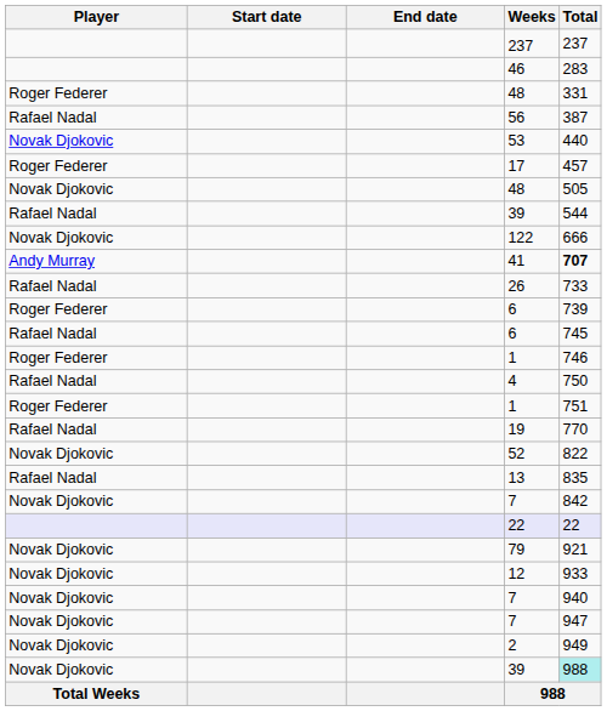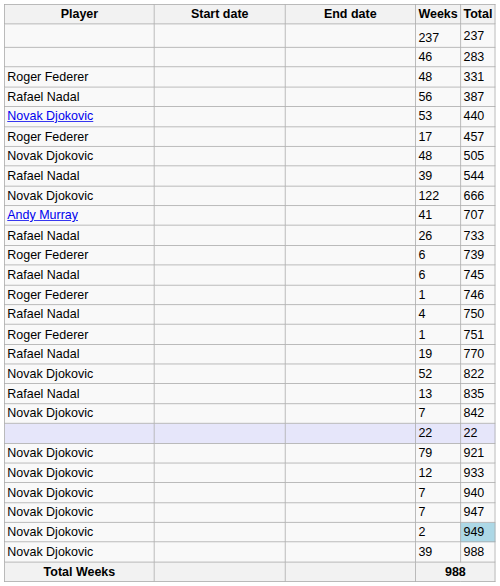 <table class="sortable wikitable">
 <tr>
 <th width=185>Player</th>
 <th width=160>Start date</th>
 <th width=160>End date</th>
 <th>Weeks</th>
 <th>Total</th>
 </tr>
 <tr>
 <td> </td>
 <td></td>
 <td></td>
 <td>237<strong><sup></sup></strong></td>
 <td>237</td>
 </tr>
 <tr>
 <td> </td>
 <td></td>
 <td></td>
 <td>46</td>
 <td>283</td>
 </tr>
 <tr>
 <td> Roger Federer </td>
 <td></td>
 <td></td>
 <td>48</td>
 <td>331</td>
 </tr>
 <tr>
 <td> Rafael Nadal </td>
 <td></td>
 <td></td>
 <td>56</td>
 <td>387</td>
 </tr>
 <tr>
 <td> <a href='#'>Novak Djokovic</a></td>
 <td></td>
 <td></td>
 <td>53</td>
 <td>440</td>
 </tr>
 <tr>
 <td> Roger Federer </td>
 <td></td>
 <td></td>
 <td>17</td>
 <td>457</td>
 </tr>
 <tr>
 <td> Novak Djokovic </td>
 <td></td>
 <td></td>
 <td>48</td>
 <td>505</td>
 </tr>
 <tr>
 <td> Rafael Nadal </td>
 <td></td>
 <td></td>
 <td>39</td>
 <td>544</td>
 </tr>
 <tr>
 <td> Novak Djokovic </td>
 <td></td>
 <td></td>
 <td>122</td>
 <td>666</td>
 </tr>
 <tr>
 <td> <a href='#'>Andy Murray</a></td>
 <td></td>
 <td></td>
 <td>41</td>
-<td><strong>707</strong></td>
+<td>707</td>
 </tr>
 <tr>
 <td> Rafael Nadal </td>
 <td></td>
 <td></td>
 <td>26</td>
 <td>733</td>
 </tr>
 <tr>
 <td> Roger Federer </td>
 <td></td>
 <td></td>
 <td>6</td>
 <td>739</td>
 </tr>
 <tr>
 <td> Rafael Nadal </td>
 <td></td>
 <td></td>
 <td>6</td>
 <td>745</td>
 </tr>
 <tr>
 <td> Roger Federer </td>
 <td></td>
 <td></td>
 <td>1</td>
 <td>746</td>
 </tr>
 <tr>
 <td> Rafael Nadal </td>
 <td></td>
 <td></td>
 <td>4</td>
 <td>750</td>
 </tr>
 <tr>
 <td> Roger Federer </td>
 <td></td>
 <td></td>
 <td>1</td>
 <td>751</td>
 </tr>
 <tr>
 <td> Rafael Nadal </td>
 <td></td>
 <td></td>
 <td>19</td>
 <td>770</td>
 </tr>
 <tr>
 <td> Novak Djokovic </td>
 <td></td>
 <td></td>
 <td>52</td>
 <td>822</td>
 </tr>
 <tr>
 <td> Rafael Nadal </td>
 <td></td>
 <td></td>
 <td>13</td>
 <td>835</td>
 </tr>
 <tr>
 <td> Novak Djokovic </td>
 <td></td>
 <td></td>
 <td>7</td>
 <td>842</td>
 </tr>
 <tr>
 <td scope="row" style="background-color: #e6e6fa"></td>
 <td scope="row" style="background-color: #e6e6fa"></td>
 <td scope="row" style="background-color: #e6e6fa"></td>
 <td scope="row" style="background-color: #e6e6fa">22</td>
 <td scope="row" style="background-color: #e6e6fa">22</td>
 </tr>
 <tr>
 <td> Novak Djokovic </td>
 <td></td>
 <td></td>
 <td>79</td>
 <td>921</td>
 </tr>
 <tr>
 <td> Novak Djokovic </td>
 <td></td>
 <td></td>
 <td>12</td>
 <td>933</td>
 </tr>
 <tr>
 <td> Novak Djokovic </td>
 <td></td>
 <td></td>
 <td>7</td>
 <td>940</td>
 </tr>
 <tr>
 <td> Novak Djokovic </td>
 <td></td>
 <td></td>
 <td>7</td>
 <td>947</td>
 </tr>
 <tr>
 <td> Novak Djokovic </td>
 <td></td>
 <td></td>
 <td>2</td>
-<td>949</td>
+<td style="background: lightblue;">949</td>
 </tr>
 <tr>
 <td> Novak Djokovic </td>
 <td></td>
 <td></td>
 <td>39</td>
-<td style="background: paleturquoise;">988</td>
+<td>988</td>
 </tr>
 <tr>
 <th>Total Weeks</th>
 <th></th>
 <th></th>
 <th colspan=2>988</th>
 </tr>
 </table>
